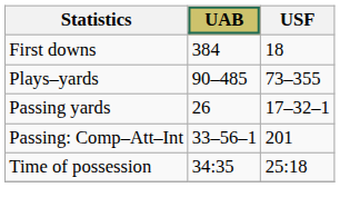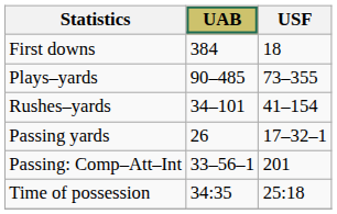 <table class="wikitable" style="float: left;">
 <tr>
 <th>Statistics</th>
 <th style="background-color:#CDC26C;color:#000000;box-shadow: inset 2px 2px 0 #1E6B52, inset -2px -2px 0 #1E6B52">UAB</th>
 <th>USF</th>
 </tr>
 <tr>
 <td>First downs</td>
 <td>384</td>
 <td>18</td>
 </tr>
 <tr>
 <td>Plays–yards</td>
 <td>90–485</td>
 <td>73–355</td>
+</tr>
+<tr>
+<td>Rushes–yards</td>
+<td>34–101</td>
+<td>41–154</td>
 </tr>
 <tr>
 <td>Passing yards</td>
 <td>26</td>
 <td>17–32–1</td>
 </tr>
 <tr>
 <td>Passing: Comp–Att–Int</td>
 <td>33–56–1</td>
 <td>201</td>
 </tr>
 <tr>
 <td>Time of possession</td>
 <td>34:35</td>
 <td>25:18</td>
 </tr>
 <tr>
 </tr>
 </table>
